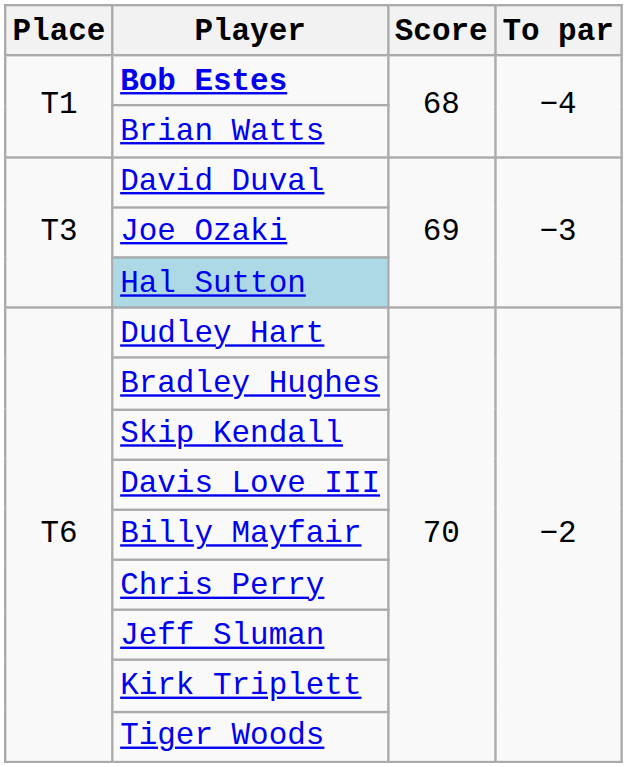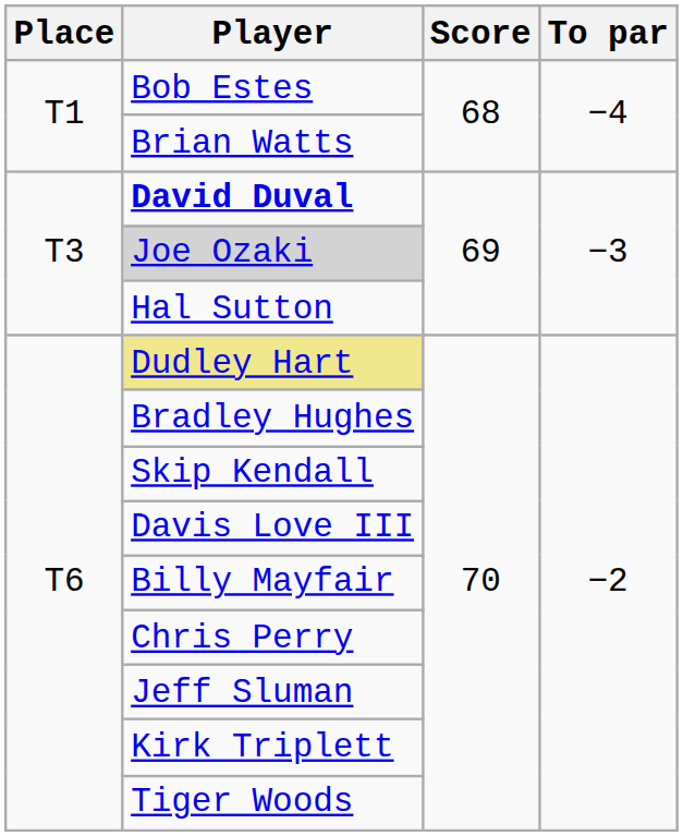 <table class="wikitable">
 <tr>
 <th>Place</th>
 <th>Player</th>
 <th>Score</th>
 <th>To par</th>
 </tr>
 <tr>
 <td align="center" rowspan="2">T1</td>
-<td><strong> <a href='#'>Bob Estes</a></strong></td>
+<td> <a href='#'>Bob Estes</a></td>
 <td rowspan="2" align=center>68</td>
 <td rowspan="2" align=center>−4</td>
 </tr>
 <tr>
 <td> <a href='#'>Brian Watts</a></td>
 </tr>
 <tr>
 <td align="center" rowspan="3">T3</td>
-<td> <a href='#'>David Duval</a></td>
+<td><strong> <a href='#'>David Duval</a></strong></td>
 <td rowspan="3" align=center>69</td>
 <td rowspan="3" align=center>−3</td>
 </tr>
 <tr>
-<td> <a href='#'>Joe Ozaki</a></td>
+<td style="background: lightgrey;"> <a href='#'>Joe Ozaki</a></td>
 </tr>
 <tr>
-<td style="background: lightblue;"> <a href='#'>Hal Sutton</a></td>
+<td> <a href='#'>Hal Sutton</a></td>
 </tr>
 <tr>
 <td align="center" rowspan="9">T6</td>
-<td> <a href='#'>Dudley Hart</a></td>
+<td style="background: khaki;"> <a href='#'>Dudley Hart</a></td>
 <td rowspan="9" align=center>70</td>
 <td rowspan="9" align=center>−2</td>
 </tr>
 <tr>
 <td> <a href='#'>Bradley Hughes</a></td>
 </tr>
 <tr>
 <td> <a href='#'>Skip Kendall</a></td>
 </tr>
 <tr>
 <td> <a href='#'>Davis Love III</a></td>
 </tr>
 <tr>
 <td> <a href='#'>Billy Mayfair</a></td>
 </tr>
 <tr>
 <td> <a href='#'>Chris Perry</a></td>
 </tr>
 <tr>
 <td> <a href='#'>Jeff Sluman</a></td>
 </tr>
 <tr>
 <td> <a href='#'>Kirk Triplett</a></td>
 </tr>
 <tr>
 <td> <a href='#'>Tiger Woods</a></td>
 </tr>
 </table>
